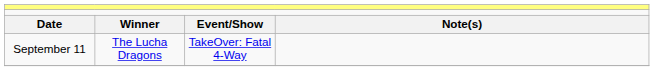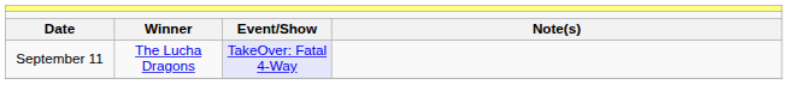 <table class="wikitable" style="text-align:center; width:100%;">
 <tr style="background:#FFFF80;">
 <td colspan="5"></td>
 </tr>
 <tr>
 <td colspan="5"><strong></strong></td>
 </tr>
 <tr>
 <th width=14%>Date</th>
 <th width=14%>Winner</th>
 <th width=14%>Event/Show</th>
 <th width=58%>Note(s)</th>
 </tr>
 <tr>
 <td>September 11</td>
 <td><a href='#'>The Lucha Dragons</a><br></td>
-<td><a href='#'>TakeOver: Fatal 4-Way</a></td>
+<td style="background: lavender;"><a href='#'>TakeOver: Fatal 4-Way</a></td>
 <td></td>
 </tr>
 <tr>
 </tr>
 </table>
